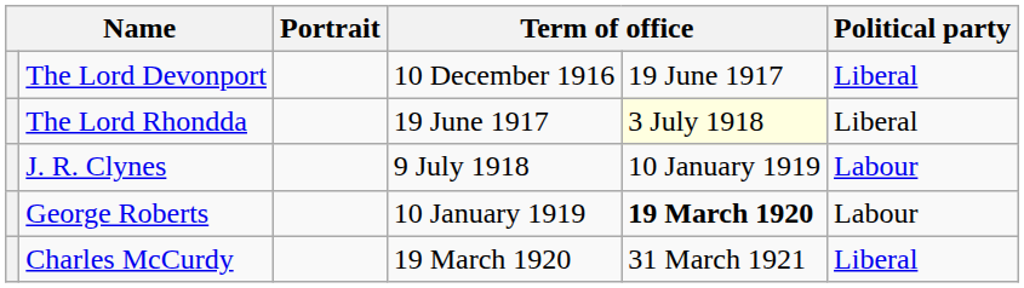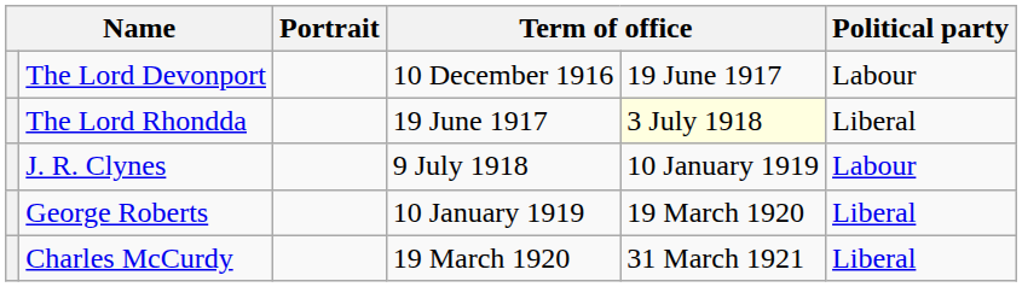 <table class="wikitable">
 <tr>
 <th colspan=2>Name</th>
 <th>Portrait</th>
 <th colspan=2>Term of office</th>
 <th>Political party</th>
 </tr>
 <tr>
 <th style="background-color: "></th>
 <td><a href='#'>The Lord Devonport</a></td>
 <td></td>
 <td>10 December 1916</td>
 <td>19 June 1917</td>
-<td><a href='#'>Liberal</a></td>
+<td>Labour</td>
 </tr>
 <tr>
 <th style="background-color: "></th>
 <td><a href='#'>The Lord Rhondda</a></td>
 <td></td>
 <td>19 June 1917</td>
 <td style="background: lightyellow;">3 July 1918</td>
 <td>Liberal</td>
 </tr>
 <tr>
 <th style="background-color: "></th>
 <td><a href='#'>J. R. Clynes</a></td>
 <td></td>
 <td>9 July 1918</td>
 <td>10 January 1919</td>
 <td><a href='#'>Labour</a></td>
 </tr>
 <tr>
 <th style="background-color: "></th>
 <td><a href='#'>George Roberts</a></td>
 <td></td>
 <td>10 January 1919</td>
-<td><strong>19 March 1920</strong></td>
-<td>Labour</td>
+<td>19 March 1920</td>
+<td><a href='#'>Liberal</a></td>
 </tr>
 <tr>
 <th style="background-color: "></th>
 <td><a href='#'>Charles McCurdy</a></td>
 <td></td>
 <td>19 March 1920</td>
 <td>31 March 1921</td>
 <td><a href='#'>Liberal</a></td>
 </tr>
 </table>
